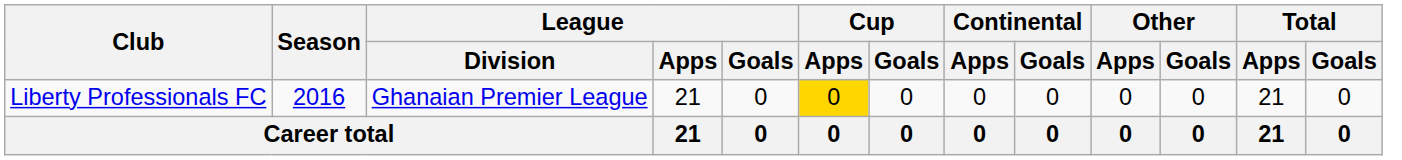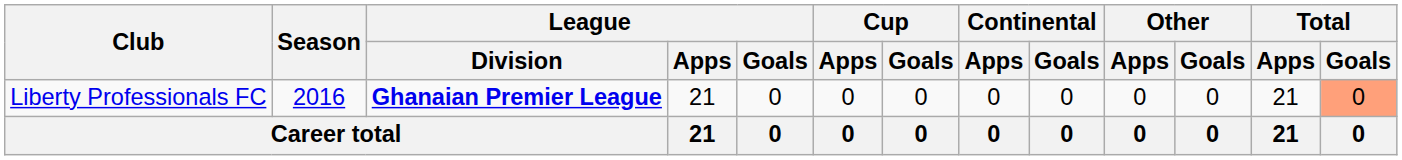 <table class="wikitable" style="text-align: center">
 <tr>
 <th rowspan="2">Club</th>
 <th rowspan="2">Season</th>
 <th colspan="3">League</th>
 <th colspan="2">Cup</th>
 <th colspan="2">Continental</th>
 <th colspan="2">Other</th>
 <th colspan="2">Total</th>
 </tr>
 <tr>
 <th>Division</th>
 <th>Apps</th>
 <th>Goals</th>
 <th>Apps</th>
 <th>Goals</th>
 <th>Apps</th>
 <th>Goals</th>
 <th>Apps</th>
 <th>Goals</th>
 <th>Apps</th>
 <th>Goals</th>
 </tr>
 <tr>
 <td><a href='#'>Liberty Professionals FC</a></td>
 <td><a href='#'>2016</a></td>
-<td><a href='#'>Ghanaian Premier League</a></td>
+<td><strong><a href='#'>Ghanaian Premier League</a></strong></td>
 <td>21</td>
 <td>0</td>
-<td style="background: gold;">0</td>
+<td>0</td>
 <td>0</td>
 <td>0</td>
 <td>0</td>
 <td>0</td>
 <td>0</td>
 <td>21</td>
-<td>0</td>
+<td style="background: lightsalmon;">0</td>
 </tr>
 <tr>
 <th colspan="3"><strong>Career total</strong></th>
 <th>21</th>
 <th>0</th>
 <th>0</th>
 <th>0</th>
 <th>0</th>
 <th>0</th>
 <th>0</th>
 <th>0</th>
 <th>21</th>
 <th>0</th>
 </tr>
 </table>
